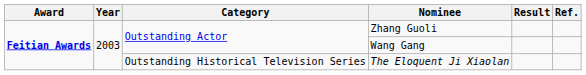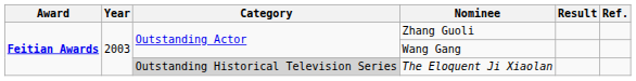 <table class="wikitable">
 <tr>
 <th>Award</th>
 <th>Year</th>
 <th>Category</th>
 <th>Nominee</th>
 <th>Result</th>
 <th>Ref.</th>
 </tr>
 <tr>
 <td rowspan="3"><strong><a href='#'>Feitian Awards</a></strong></td>
 <td rowspan="3">2003</td>
 <td rowspan="2"><a href='#'>Outstanding Actor</a></td>
 <td>Zhang Guoli</td>
 <td></td>
 <td></td>
 </tr>
 <tr>
 <td>Wang Gang</td>
 <td></td>
 <td></td>
 </tr>
 <tr>
-<td>Outstanding Historical Television Series</td>
+<td style="background: lightgrey;">Outstanding Historical Television Series</td>
 <td><em>The Eloquent Ji Xiaolan</em></td>
 <td></td>
 <td></td>
 </tr>
 </table>
